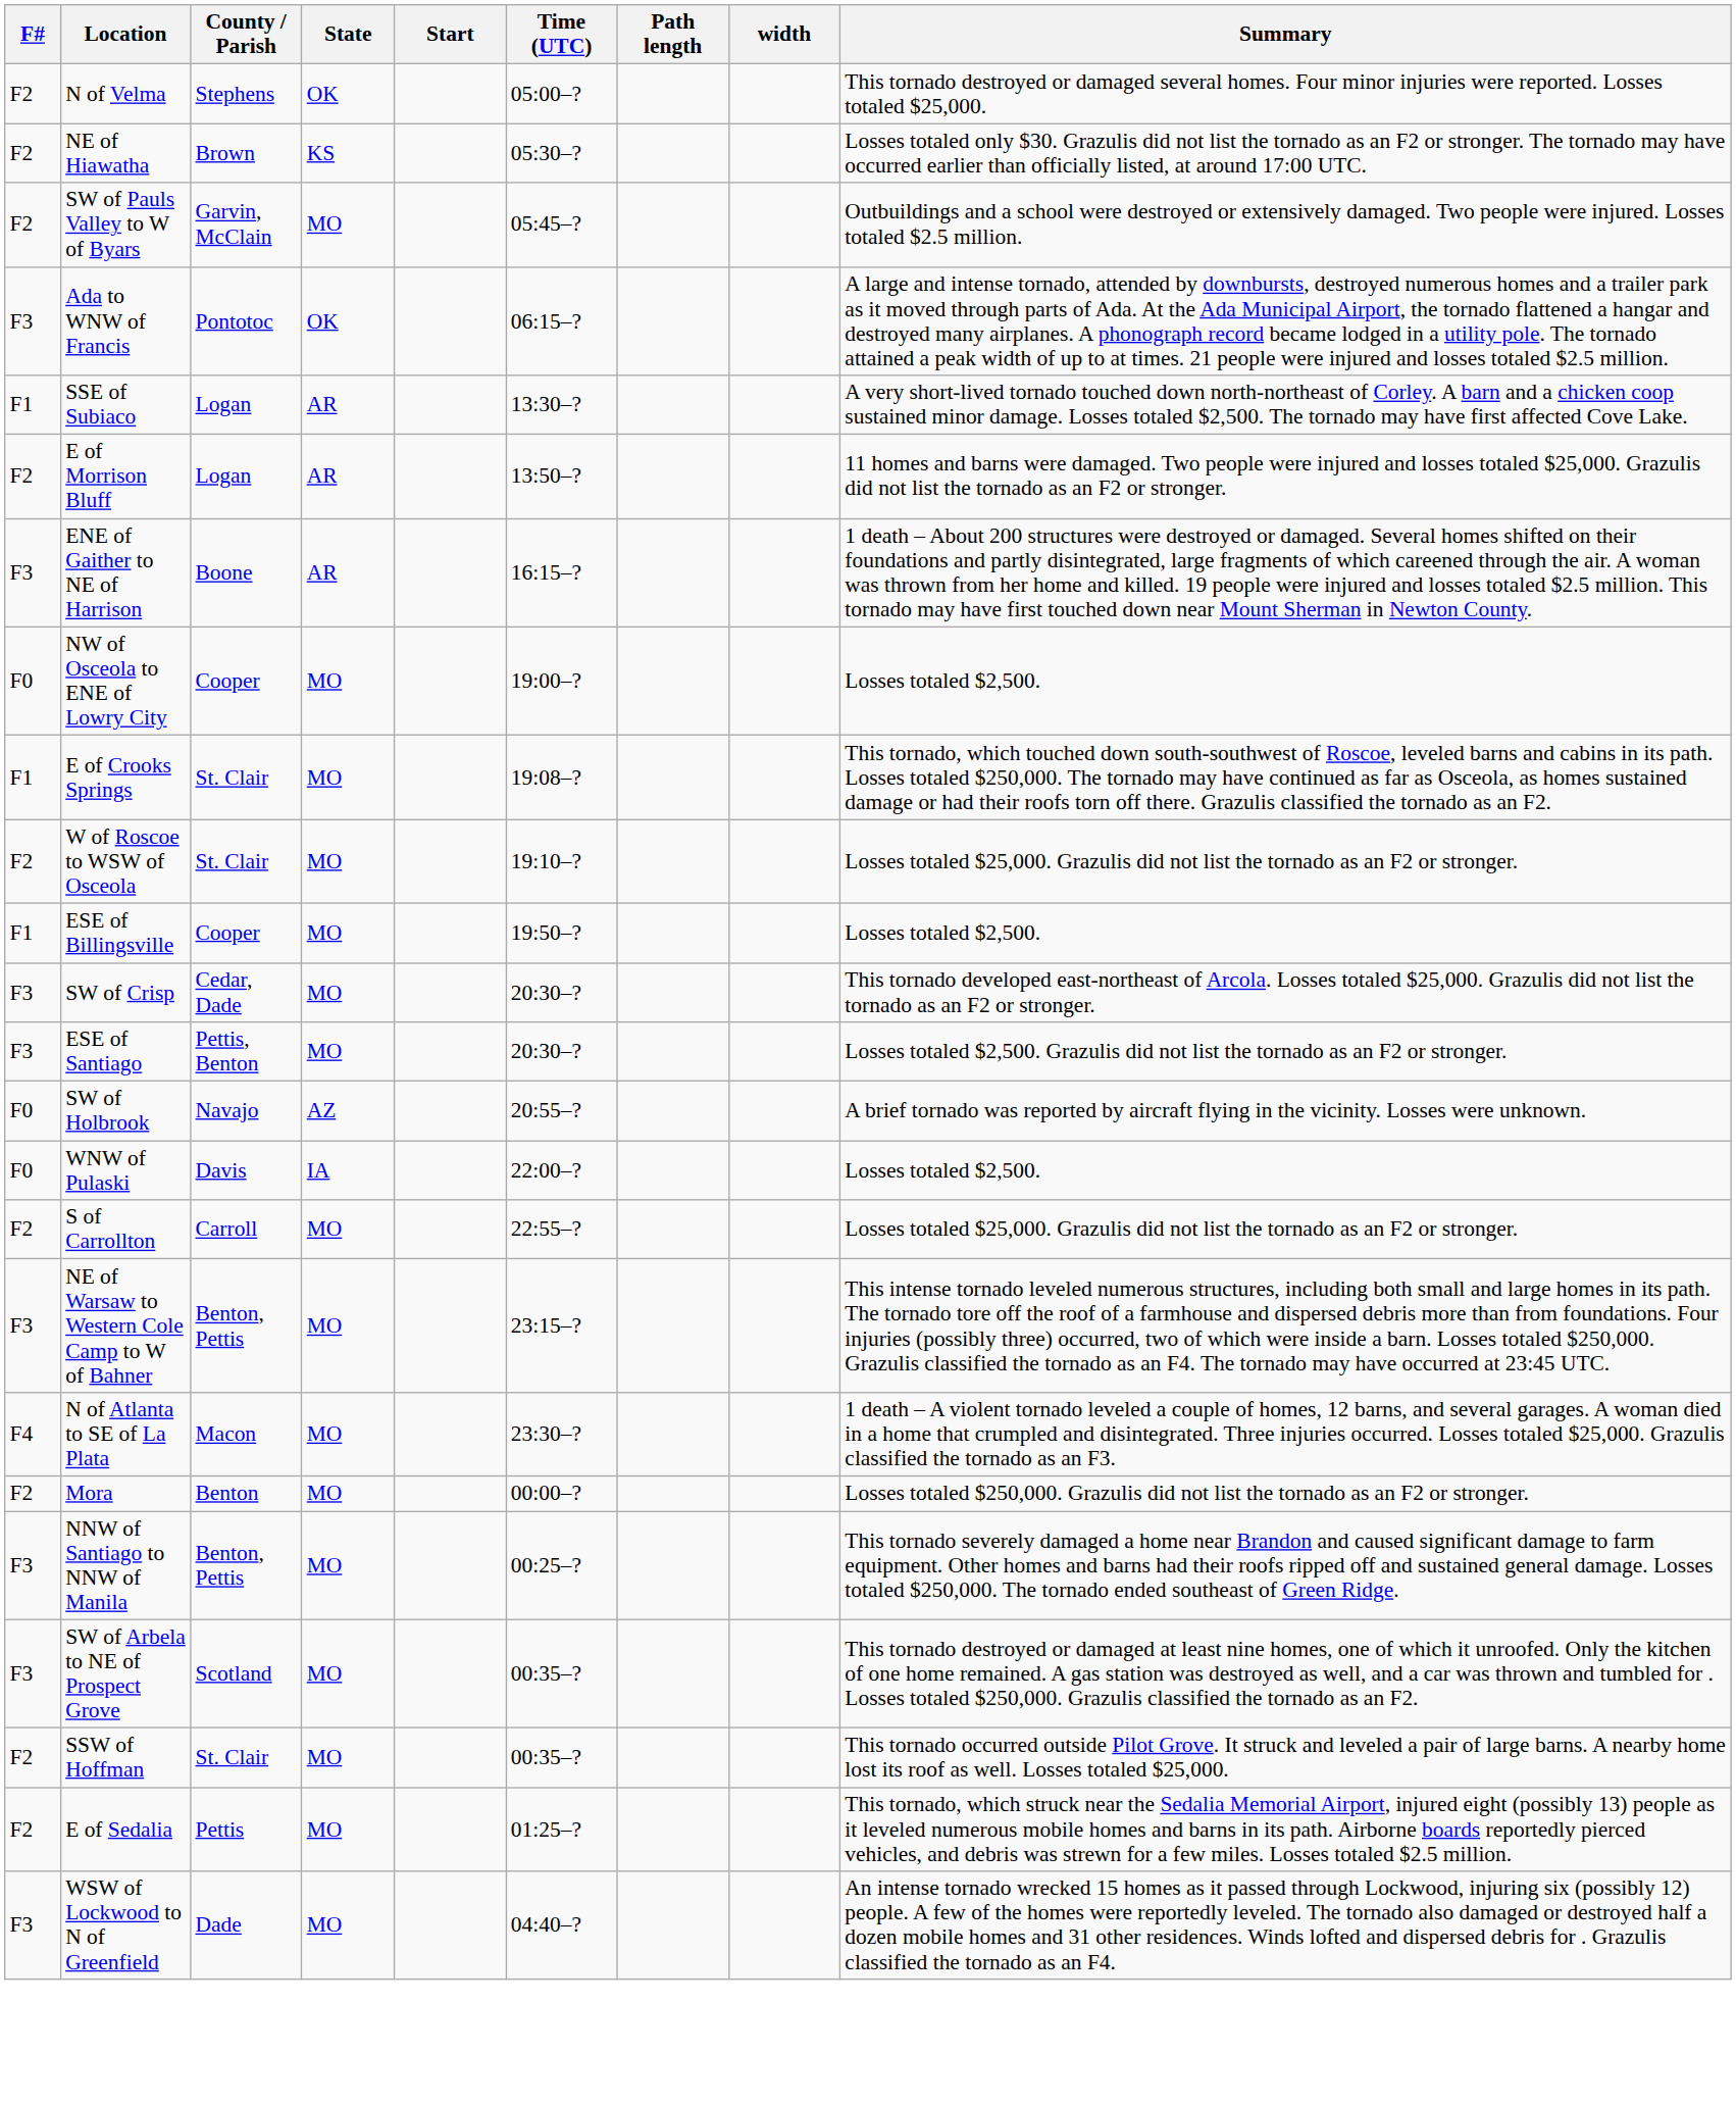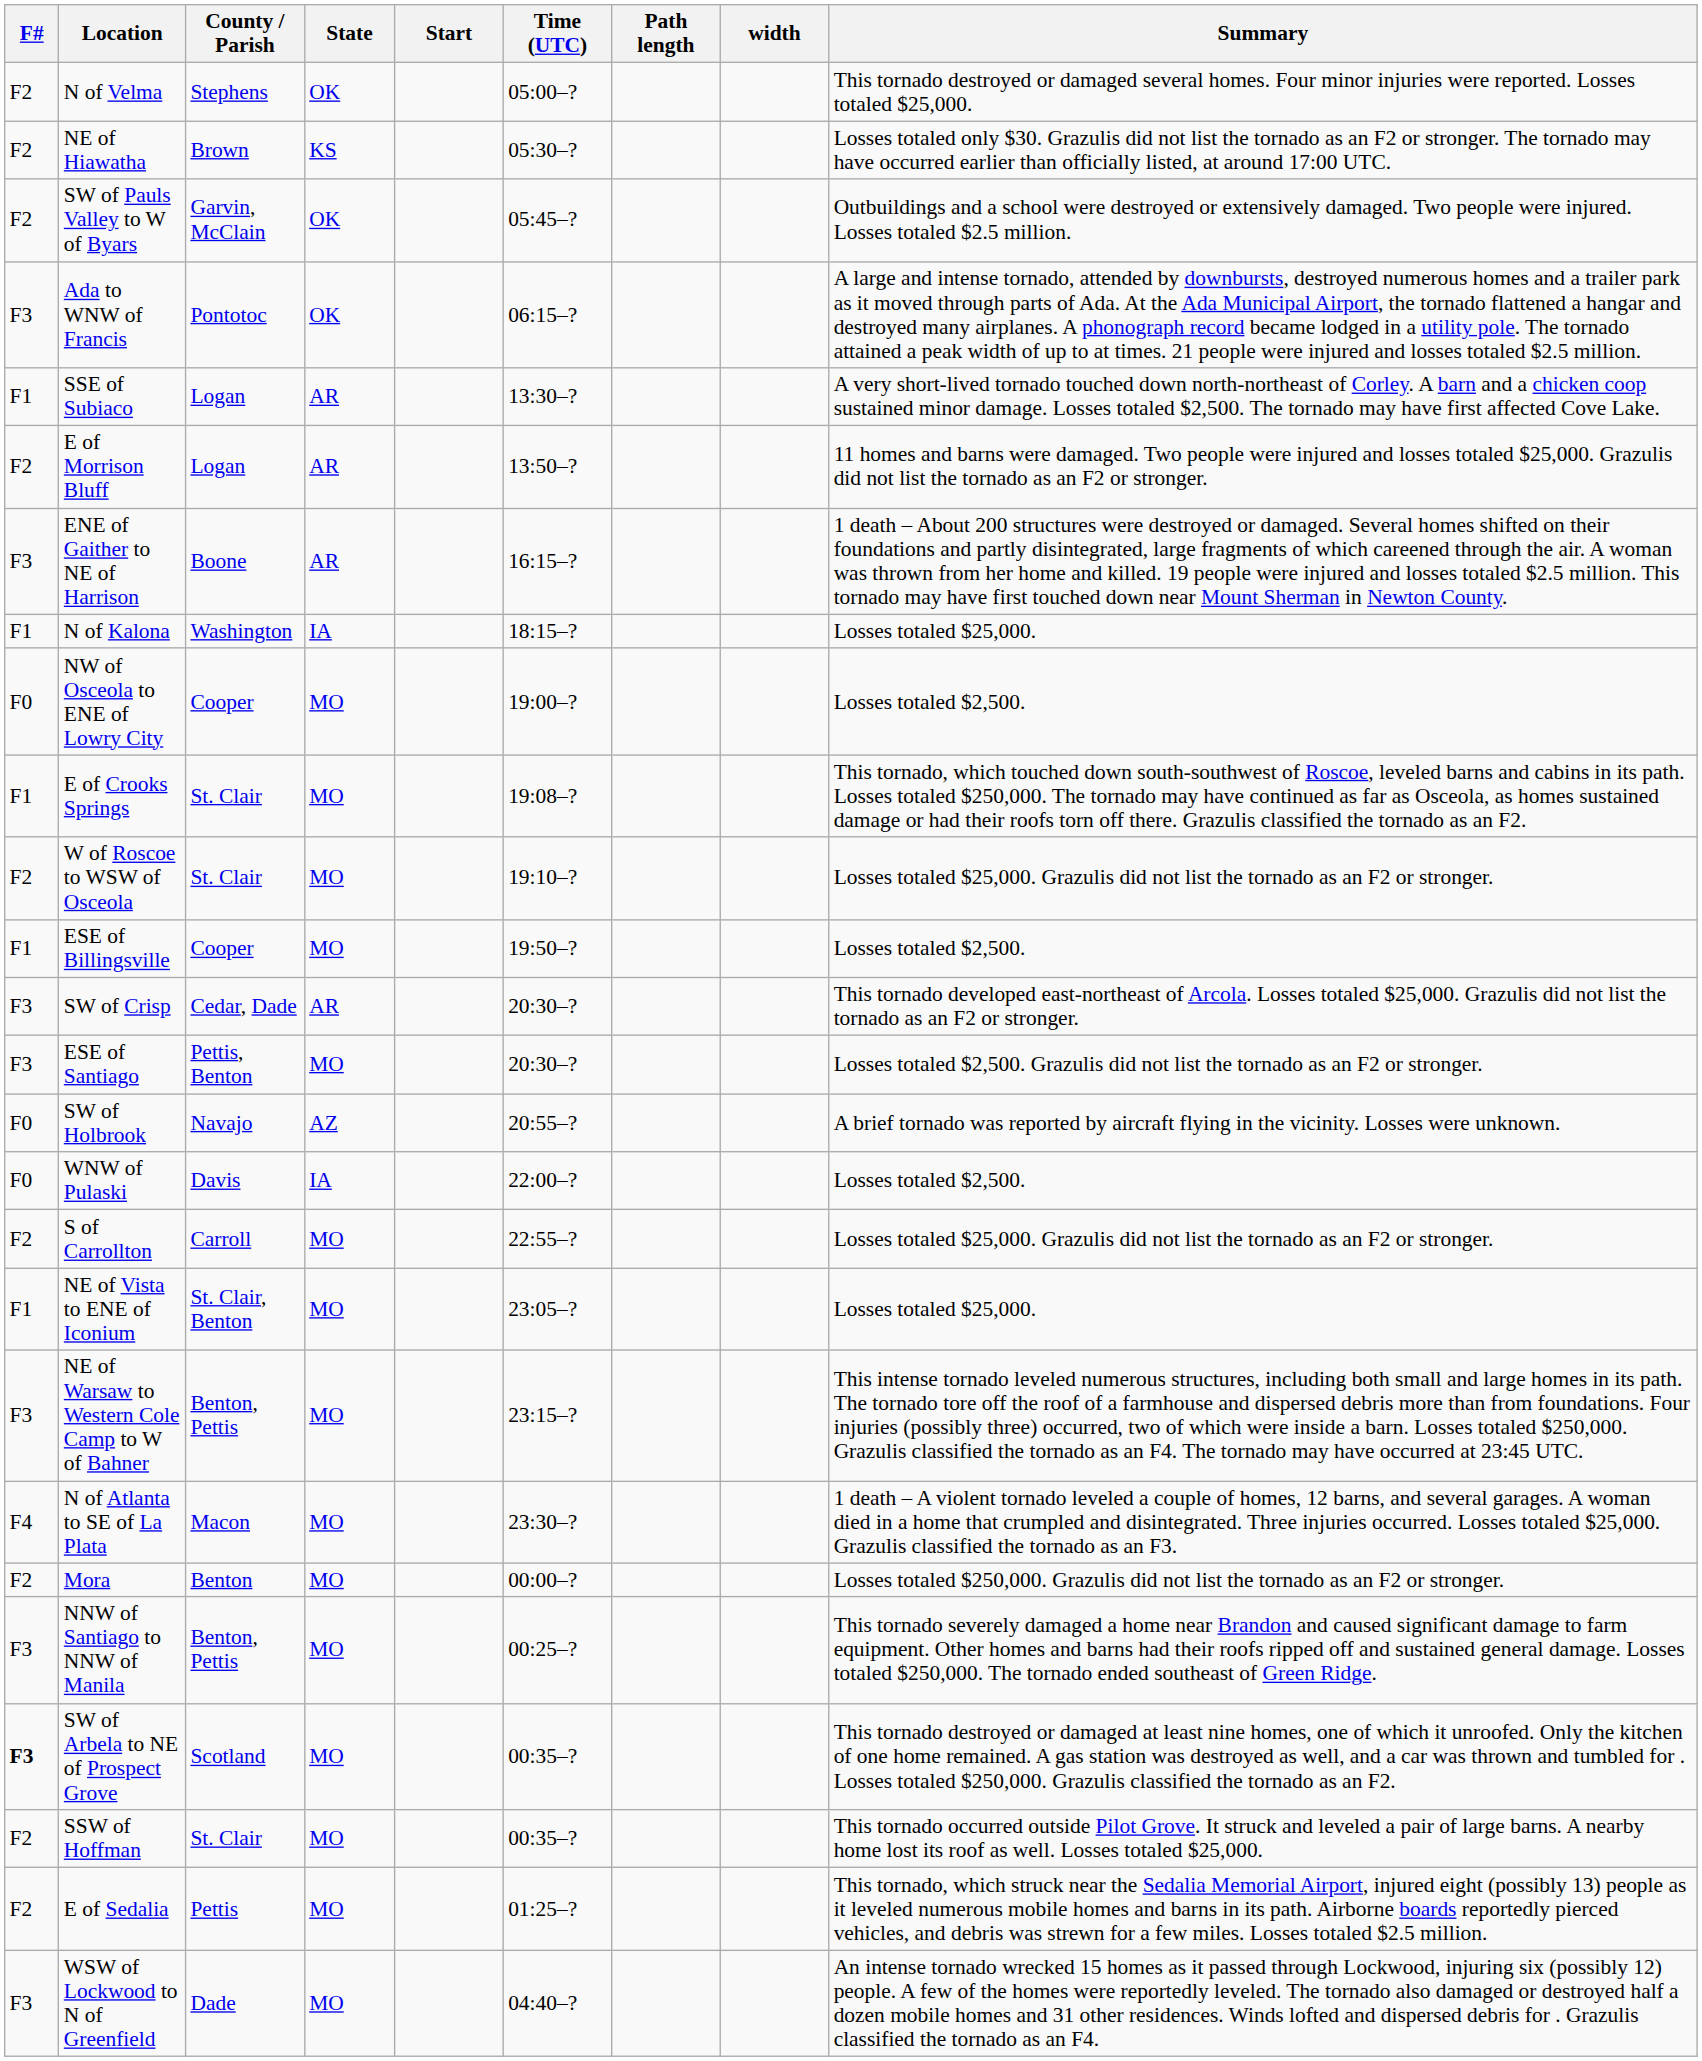 <table class="wikitable sortable" style="width:100%;">
 <tr>
 <th scope="col"  style="width:3%; text-align:center;"><a href='#'>F#</a></th>
 <th scope="col"  style="width:7%; text-align:center;" class="unsortable">Location</th>
 <th scope="col"  style="width:6%; text-align:center;" class="unsortable">County / Parish</th>
 <th scope="col"  style="width:5%; text-align:center;">State</th>
 <th scope="col"  style="width:6%; text-align:center;">Start<br></th>
 <th scope="col"  style="width:6%; text-align:center;">Time (<a href='#'>UTC</a>)</th>
 <th scope="col"  style="width:6%; text-align:center;">Path length</th>
 <th scope="col"  style="width:6%; text-align:center;"> width</th>
 <th scope="col" class="unsortable" style="width:48%; text-align:center;">Summary</th>
 </tr>
 <tr>
 <td>F2</td>
 <td>N of <a href='#'>Velma</a></td>
 <td><a href='#'>Stephens</a></td>
 <td><a href='#'>OK</a></td>
 <td></td>
 <td>05:00–?</td>
 <td></td>
 <td></td>
 <td>This tornado destroyed or damaged several homes. Four minor injuries were reported. Losses totaled $25,000.</td>
 </tr>
 <tr>
 <td>F2</td>
 <td>NE of <a href='#'>Hiawatha</a></td>
 <td><a href='#'>Brown</a></td>
 <td><a href='#'>KS</a></td>
 <td></td>
 <td>05:30–?</td>
 <td></td>
 <td></td>
 <td>Losses totaled only $30. Grazulis did not list the tornado as an F2 or stronger. The tornado may have occurred earlier than officially listed, at around 17:00 UTC.</td>
 </tr>
 <tr>
 <td>F2</td>
 <td>SW of <a href='#'>Pauls Valley</a> to W of <a href='#'>Byars</a></td>
 <td><a href='#'>Garvin</a>, <a href='#'>McClain</a></td>
-<td><a href='#'>MO</a></td>
+<td><a href='#'>OK</a></td>
 <td></td>
 <td>05:45–?</td>
 <td></td>
 <td></td>
 <td>Outbuildings and a school were destroyed or extensively damaged. Two people were injured. Losses totaled $2.5 million.</td>
 </tr>
 <tr>
 <td>F3</td>
 <td><a href='#'>Ada</a> to WNW of <a href='#'>Francis</a></td>
 <td><a href='#'>Pontotoc</a></td>
 <td><a href='#'>OK</a></td>
 <td></td>
 <td>06:15–?</td>
 <td></td>
 <td></td>
 <td>A large and intense tornado, attended by <a href='#'>downbursts</a>, destroyed numerous homes and a trailer park as it moved through parts of Ada. At the <a href='#'>Ada Municipal Airport</a>, the tornado flattened a hangar and destroyed many airplanes. A <a href='#'>phonograph record</a> became lodged in a <a href='#'>utility pole</a>. The tornado attained a peak width of up to  at times. 21 people were injured and losses totaled $2.5 million.</td>
 </tr>
 <tr>
 <td>F1</td>
 <td>SSE of <a href='#'>Subiaco</a></td>
 <td><a href='#'>Logan</a></td>
 <td><a href='#'>AR</a></td>
 <td></td>
 <td>13:30–?</td>
 <td></td>
 <td></td>
 <td>A very short-lived tornado touched down north-northeast of <a href='#'>Corley</a>. A <a href='#'>barn</a> and a <a href='#'>chicken coop</a> sustained minor damage. Losses totaled $2,500. The tornado may have first affected Cove Lake.</td>
 </tr>
 <tr>
 <td>F2</td>
 <td>E of <a href='#'>Morrison Bluff</a></td>
 <td><a href='#'>Logan</a></td>
 <td><a href='#'>AR</a></td>
 <td></td>
 <td>13:50–?</td>
 <td></td>
 <td></td>
 <td>11 homes and barns were damaged. Two people were injured and losses totaled $25,000. Grazulis did not list the tornado as an F2 or stronger.</td>
 </tr>
 <tr>
 <td>F3</td>
 <td>ENE of <a href='#'>Gaither</a> to NE of <a href='#'>Harrison</a></td>
 <td><a href='#'>Boone</a></td>
 <td><a href='#'>AR</a></td>
 <td></td>
 <td>16:15–?</td>
 <td></td>
 <td></td>
 <td>1 death – About 200 structures were destroyed or damaged. Several homes shifted on their foundations and partly disintegrated, large fragments of which careened through the air. A woman was thrown  from her home and killed. 19 people were injured and losses totaled $2.5 million. This tornado may have first touched down near <a href='#'>Mount Sherman</a> in <a href='#'>Newton County</a>.</td>
 </tr>
 <tr>
+<td>F1</td>
+<td>N of <a href='#'>Kalona</a></td>
+<td><a href='#'>Washington</a></td>
+<td><a href='#'>IA</a></td>
+<td></td>
+<td>18:15–?</td>
+<td></td>
+<td></td>
+<td>Losses totaled $25,000.</td>
+</tr>
+<tr>
 <td>F0</td>
 <td>NW of <a href='#'>Osceola</a> to ENE of <a href='#'>Lowry City</a></td>
 <td><a href='#'>Cooper</a></td>
 <td><a href='#'>MO</a></td>
 <td></td>
 <td>19:00–?</td>
 <td></td>
 <td></td>
 <td>Losses totaled $2,500.</td>
 </tr>
 <tr>
 <td>F1</td>
 <td>E of <a href='#'>Crooks Springs</a></td>
 <td><a href='#'>St. Clair</a></td>
 <td><a href='#'>MO</a></td>
 <td></td>
 <td>19:08–?</td>
 <td></td>
 <td></td>
 <td>This tornado, which touched down south-southwest of <a href='#'>Roscoe</a>, leveled barns and cabins in its path. Losses totaled $250,000. The tornado may have continued as far as Osceola, as homes sustained damage or had their roofs torn off there. Grazulis classified the tornado as an F2.</td>
 </tr>
 <tr>
 <td>F2</td>
 <td>W of <a href='#'>Roscoe</a> to WSW of <a href='#'>Osceola</a></td>
 <td><a href='#'>St. Clair</a></td>
 <td><a href='#'>MO</a></td>
 <td></td>
 <td>19:10–?</td>
 <td></td>
 <td></td>
 <td>Losses totaled $25,000. Grazulis did not list the tornado as an F2 or stronger.</td>
 </tr>
 <tr>
 <td>F1</td>
 <td>ESE of <a href='#'>Billingsville</a></td>
 <td><a href='#'>Cooper</a></td>
 <td><a href='#'>MO</a></td>
 <td></td>
 <td>19:50–?</td>
 <td></td>
 <td></td>
 <td>Losses totaled $2,500.</td>
 </tr>
 <tr>
 <td>F3</td>
 <td>SW of <a href='#'>Crisp</a></td>
 <td><a href='#'>Cedar</a>, <a href='#'>Dade</a></td>
-<td><a href='#'>MO</a></td>
+<td><a href='#'>AR</a></td>
 <td></td>
 <td>20:30–?</td>
 <td></td>
 <td></td>
 <td>This tornado developed east-northeast of <a href='#'>Arcola</a>. Losses totaled $25,000. Grazulis did not list the tornado as an F2 or stronger.</td>
 </tr>
 <tr>
 <td>F3</td>
 <td>ESE of <a href='#'>Santiago</a></td>
 <td><a href='#'>Pettis</a>, <a href='#'>Benton</a></td>
 <td><a href='#'>MO</a></td>
 <td></td>
 <td>20:30–?</td>
 <td></td>
 <td></td>
 <td>Losses totaled $2,500. Grazulis did not list the tornado as an F2 or stronger.</td>
 </tr>
 <tr>
 <td>F0</td>
 <td>SW of <a href='#'>Holbrook</a></td>
 <td><a href='#'>Navajo</a></td>
 <td><a href='#'>AZ</a></td>
 <td></td>
 <td>20:55–?</td>
 <td></td>
 <td></td>
 <td>A brief tornado was reported by aircraft flying in the vicinity. Losses were unknown.</td>
 </tr>
 <tr>
 <td>F0</td>
 <td>WNW of <a href='#'>Pulaski</a></td>
 <td><a href='#'>Davis</a></td>
 <td><a href='#'>IA</a></td>
 <td></td>
 <td>22:00–?</td>
 <td></td>
 <td></td>
 <td>Losses totaled $2,500.</td>
 </tr>
 <tr>
 <td>F2</td>
 <td>S of <a href='#'>Carrollton</a></td>
 <td><a href='#'>Carroll</a></td>
 <td><a href='#'>MO</a></td>
 <td></td>
 <td>22:55–?</td>
 <td></td>
 <td></td>
 <td>Losses totaled $25,000. Grazulis did not list the tornado as an F2 or stronger.</td>
 </tr>
 <tr>
+<td>F1</td>
+<td>NE of <a href='#'>Vista</a> to ENE of <a href='#'>Iconium</a></td>
+<td><a href='#'>St. Clair</a>, <a href='#'>Benton</a></td>
+<td><a href='#'>MO</a></td>
+<td></td>
+<td>23:05–?</td>
+<td></td>
+<td></td>
+<td>Losses totaled $25,000.</td>
+</tr>
+<tr>
 <td>F3</td>
 <td>NE of <a href='#'>Warsaw</a> to <a href='#'>Western Cole Camp</a> to W of <a href='#'>Bahner</a></td>
 <td><a href='#'>Benton</a>, <a href='#'>Pettis</a></td>
 <td><a href='#'>MO</a></td>
 <td></td>
 <td>23:15–?</td>
 <td></td>
 <td></td>
 <td>This intense tornado leveled numerous structures, including both small and large homes in its path. The tornado tore off the roof of a farmhouse and dispersed debris more than  from foundations. Four injuries (possibly three) occurred, two of which were inside a barn. Losses totaled $250,000. Grazulis classified the tornado as an F4. The tornado may have occurred at 23:45 UTC.</td>
 </tr>
 <tr>
 <td>F4</td>
 <td>N of <a href='#'>Atlanta</a> to SE of <a href='#'>La Plata</a></td>
 <td><a href='#'>Macon</a></td>
 <td><a href='#'>MO</a></td>
 <td></td>
 <td>23:30–?</td>
 <td></td>
 <td></td>
 <td>1 death – A violent tornado leveled a couple of homes, 12 barns, and several garages. A woman died in a home that crumpled and disintegrated. Three injuries occurred. Losses totaled $25,000. Grazulis classified the tornado as an F3.</td>
 </tr>
 <tr>
 <td>F2</td>
 <td><a href='#'>Mora</a></td>
 <td><a href='#'>Benton</a></td>
 <td><a href='#'>MO</a></td>
 <td></td>
 <td>00:00–?</td>
 <td></td>
 <td></td>
 <td>Losses totaled $250,000. Grazulis did not list the tornado as an F2 or stronger.</td>
 </tr>
 <tr>
 <td>F3</td>
 <td>NNW of <a href='#'>Santiago</a> to NNW of <a href='#'>Manila</a></td>
 <td><a href='#'>Benton</a>, <a href='#'>Pettis</a></td>
 <td><a href='#'>MO</a></td>
 <td></td>
 <td>00:25–?</td>
 <td></td>
 <td></td>
 <td>This tornado severely damaged a home near <a href='#'>Brandon</a> and caused significant damage to farm equipment. Other homes and barns had their roofs ripped off and sustained general damage. Losses totaled $250,000. The tornado ended southeast of <a href='#'>Green Ridge</a>.</td>
 </tr>
 <tr>
-<td>F3</td>
+<td><strong>F3</strong></td>
 <td>SW of <a href='#'>Arbela</a> to NE of <a href='#'>Prospect Grove</a></td>
 <td><a href='#'>Scotland</a></td>
 <td><a href='#'>MO</a></td>
 <td></td>
 <td>00:35–?</td>
 <td></td>
 <td></td>
 <td>This tornado destroyed or damaged at least nine homes, one of which it unroofed. Only the kitchen of one home remained. A gas station was destroyed as well, and a car was thrown and tumbled for . Losses totaled $250,000. Grazulis classified the tornado as an F2.</td>
 </tr>
 <tr>
 <td>F2</td>
 <td>SSW of <a href='#'>Hoffman</a></td>
 <td><a href='#'>St. Clair</a></td>
 <td><a href='#'>MO</a></td>
 <td></td>
 <td>00:35–?</td>
 <td></td>
 <td></td>
 <td>This tornado occurred outside <a href='#'>Pilot Grove</a>. It struck and leveled a pair of large barns. A nearby home lost its roof as well. Losses totaled $25,000.</td>
 </tr>
 <tr>
 <td>F2</td>
 <td>E of <a href='#'>Sedalia</a></td>
 <td><a href='#'>Pettis</a></td>
 <td><a href='#'>MO</a></td>
 <td></td>
 <td>01:25–?</td>
 <td></td>
 <td></td>
 <td>This tornado, which struck near the <a href='#'>Sedalia Memorial Airport</a>, injured eight (possibly 13) people as it leveled numerous mobile homes and barns in its path. Airborne  <a href='#'>boards</a> reportedly pierced vehicles, and debris was strewn for a few miles. Losses totaled $2.5 million.</td>
 </tr>
 <tr>
 <td>F3</td>
 <td>WSW of <a href='#'>Lockwood</a> to N of <a href='#'>Greenfield</a></td>
 <td><a href='#'>Dade</a></td>
 <td><a href='#'>MO</a></td>
 <td></td>
 <td>04:40–?</td>
 <td></td>
 <td></td>
 <td>An intense tornado wrecked 15 homes as it passed through Lockwood, injuring six (possibly 12) people. A few of the homes were reportedly leveled. The tornado also damaged or destroyed half a dozen mobile homes and 31 other residences. Winds lofted and dispersed debris for . Grazulis classified the tornado as an F4.</td>
 </tr>
 </table>
